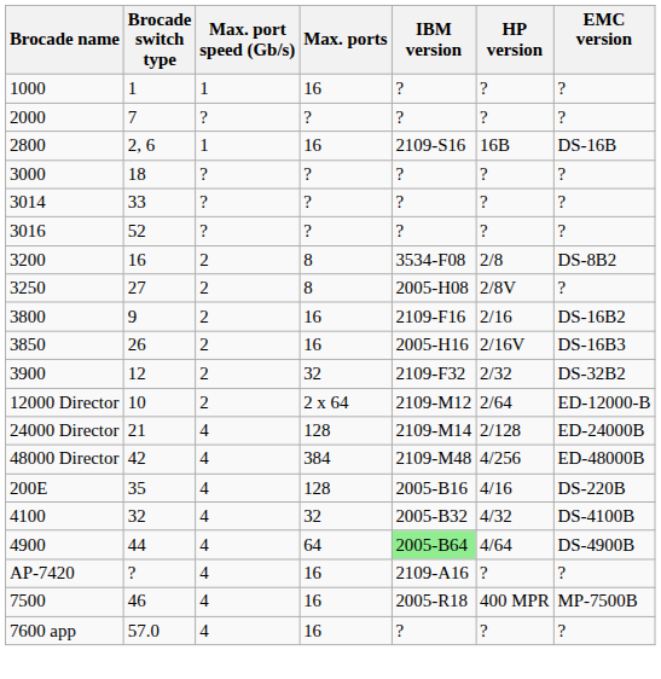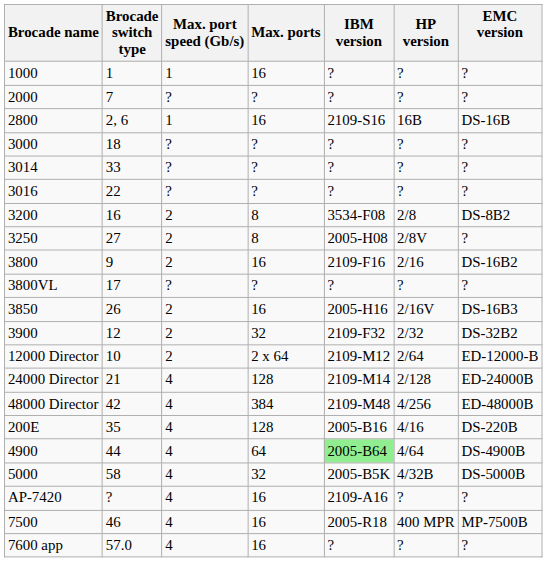 <table class="wikitable mw-collapsible mw-collapsed">
 <tr>
 <th>Brocade name</th>
 <th>Brocade<br>switch<br>type</th>
 <th>Max. port<br> speed (Gb/s)</th>
 <th>Max. ports</th>
 <th>IBM <br> version<br></th>
 <th>HP <br> version<br></th>
 <th>EMC <br> version<br><br> </th>
 </tr>
 <tr>
 <td>1000</td>
 <td>1</td>
 <td>1</td>
 <td>16</td>
 <td>?</td>
 <td>?</td>
 <td>?</td>
 </tr>
 <tr>
 <td>2000</td>
 <td>7</td>
 <td>?</td>
 <td>?</td>
 <td>?</td>
 <td>?</td>
 <td>?</td>
 </tr>
 <tr>
 <td>2800</td>
 <td>2, 6</td>
 <td>1</td>
 <td>16</td>
 <td>2109-S16</td>
 <td>16B</td>
 <td>DS-16B</td>
 </tr>
 <tr>
 <td>3000</td>
 <td>18</td>
 <td>?</td>
 <td>?</td>
 <td>?</td>
 <td>?</td>
 <td>?</td>
 </tr>
 <tr>
 <td>3014</td>
 <td>33</td>
 <td>?</td>
 <td>?</td>
 <td>?</td>
 <td>?</td>
 <td>?</td>
 </tr>
 <tr>
 <td>3016</td>
-<td>52</td>
+<td>22</td>
 <td>?</td>
 <td>?</td>
 <td>?</td>
 <td>?</td>
 <td>?</td>
 </tr>
 <tr>
 <td>3200</td>
 <td>16</td>
 <td>2</td>
 <td>8</td>
 <td>3534-F08</td>
 <td>2/8</td>
 <td>DS-8B2</td>
 </tr>
 <tr>
 <td>3250</td>
 <td>27</td>
 <td>2</td>
 <td>8</td>
 <td>2005-H08</td>
 <td>2/8V</td>
 <td>?</td>
 </tr>
 <tr>
 <td>3800</td>
 <td>9</td>
 <td>2</td>
 <td>16</td>
 <td>2109-F16</td>
 <td>2/16</td>
 <td>DS-16B2</td>
+</tr>
+<tr>
+<td>3800VL</td>
+<td>17</td>
+<td>?</td>
+<td>?</td>
+<td>?</td>
+<td>?</td>
+<td>?</td>
 </tr>
 <tr>
 <td>3850</td>
 <td>26</td>
 <td>2</td>
 <td>16</td>
 <td>2005-H16</td>
 <td>2/16V</td>
 <td>DS-16B3</td>
 </tr>
 <tr>
 <td>3900</td>
 <td>12</td>
 <td>2</td>
 <td>32</td>
 <td>2109-F32</td>
 <td>2/32</td>
 <td>DS-32B2</td>
 </tr>
 <tr>
 <td>12000 Director</td>
 <td>10</td>
 <td>2</td>
 <td>2 x 64</td>
 <td>2109-M12</td>
 <td>2/64</td>
 <td>ED-12000-B</td>
 </tr>
 <tr>
 <td>24000 Director</td>
 <td>21</td>
 <td>4</td>
 <td>128</td>
 <td>2109-M14</td>
 <td>2/128</td>
 <td>ED-24000B</td>
 </tr>
 <tr>
 <td>48000 Director</td>
 <td>42</td>
 <td>4</td>
 <td>384</td>
 <td>2109-M48</td>
 <td>4/256</td>
 <td>ED-48000B</td>
 </tr>
 <tr>
 <td>200E</td>
 <td>35</td>
 <td>4</td>
 <td>128</td>
 <td>2005-B16</td>
 <td>4/16</td>
 <td>DS-220B</td>
 </tr>
 <tr>
-<td>4100</td>
-<td>32</td>
-<td>4</td>
-<td>32</td>
-<td>2005-B32</td>
-<td>4/32</td>
-<td>DS-4100B</td>
-</tr>
-<tr>
 <td>4900</td>
 <td>44</td>
 <td>4</td>
 <td>64</td>
 <td style="background: lightgreen;">2005-B64</td>
 <td>4/64</td>
 <td>DS-4900B</td>
+</tr>
+<tr>
+<td>5000</td>
+<td>58</td>
+<td>4</td>
+<td>32</td>
+<td>2005-B5K</td>
+<td>4/32B</td>
+<td>DS-5000B</td>
 </tr>
 <tr>
 <td>AP-7420</td>
 <td>?</td>
 <td>4</td>
 <td>16</td>
 <td>2109-A16</td>
 <td>?</td>
 <td>?</td>
 </tr>
 <tr>
 <td>7500</td>
 <td>46</td>
 <td>4</td>
 <td>16</td>
 <td>2005-R18</td>
 <td>400 MPR</td>
 <td>MP-7500B</td>
 </tr>
 <tr>
 <td>7600 app</td>
 <td>57.0</td>
 <td>4</td>
 <td>16</td>
 <td>?</td>
 <td>?</td>
 <td>?</td>
 </tr>
 </table>
